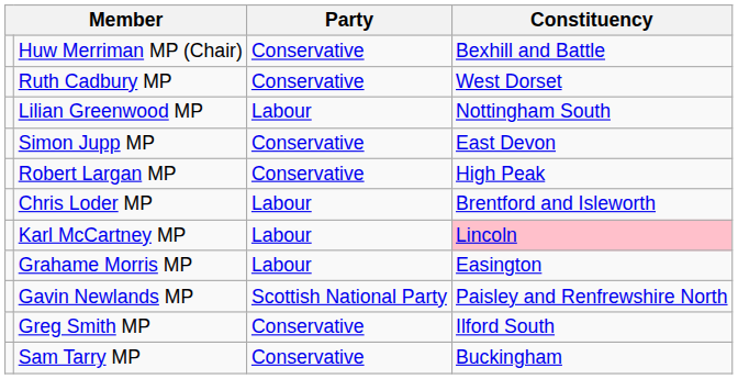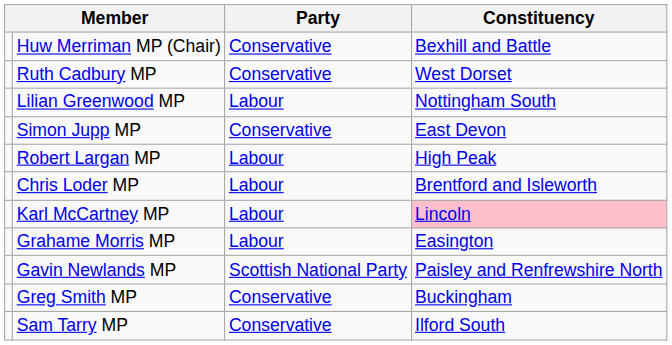 <table class="wikitable">
 <tr>
 <th colspan="2" valign="top">Member</th>
 <th valign="top">Party</th>
 <th colspan="2" valign="top">Constituency</th>
 </tr>
 <tr>
 <td style="color:inherit;background:"></td>
 <td><a href='#'>Huw Merriman</a> MP (Chair)</td>
 <td><a href='#'>Conservative</a></td>
 <td><a href='#'>Bexhill and Battle</a></td>
 </tr>
 <tr>
 <td style="color:inherit;background:"></td>
 <td><a href='#'>Ruth Cadbury</a> MP</td>
 <td><a href='#'>Conservative</a></td>
 <td><a href='#'>West Dorset</a></td>
 </tr>
 <tr>
 <td style="color:inherit;background:"></td>
 <td><a href='#'>Lilian Greenwood</a> MP</td>
 <td><a href='#'>Labour</a></td>
 <td><a href='#'>Nottingham South</a></td>
 </tr>
 <tr>
 <td style="color:inherit;background:"></td>
 <td><a href='#'>Simon Jupp</a> MP</td>
 <td><a href='#'>Conservative</a></td>
 <td><a href='#'>East Devon</a></td>
 </tr>
 <tr>
 <td style="color:inherit;background:"></td>
 <td><a href='#'>Robert Largan</a> MP</td>
-<td><a href='#'>Conservative</a></td>
+<td><a href='#'>Labour</a></td>
 <td><a href='#'>High Peak</a></td>
 </tr>
 <tr>
 <td style="color:inherit;background:"></td>
 <td><a href='#'>Chris Loder</a> MP</td>
 <td><a href='#'>Labour</a></td>
 <td><a href='#'>Brentford and Isleworth</a></td>
 </tr>
 <tr>
 <td style="color:inherit;background:"></td>
 <td><a href='#'>Karl McCartney</a> MP</td>
 <td><a href='#'>Labour</a></td>
 <td style="background: pink;"><a href='#'>Lincoln</a></td>
 </tr>
 <tr>
 <td style="color:inherit;background:"></td>
 <td><a href='#'>Grahame Morris</a> MP</td>
 <td><a href='#'>Labour</a></td>
 <td><a href='#'>Easington</a></td>
 </tr>
 <tr>
 <td style="color:inherit;background:"></td>
 <td><a href='#'>Gavin Newlands</a> MP</td>
 <td><a href='#'>Scottish National Party</a></td>
 <td><a href='#'>Paisley and Renfrewshire North</a></td>
 </tr>
 <tr>
 <td style="color:inherit;background:"></td>
 <td><a href='#'>Greg Smith</a> MP</td>
 <td><a href='#'>Conservative</a></td>
-<td><a href='#'>Ilford South</a></td>
+<td><a href='#'>Buckingham</a></td>
 </tr>
 <tr>
 <td style="color:inherit;background:"></td>
 <td><a href='#'>Sam Tarry</a> MP</td>
 <td><a href='#'>Conservative</a></td>
-<td><a href='#'>Buckingham</a></td>
+<td><a href='#'>Ilford South</a></td>
 </tr>
 </table>
